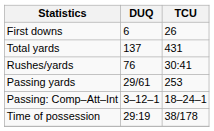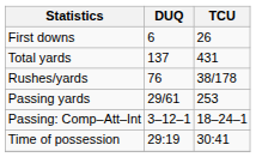 <table class="wikitable" style="float: left;">
 <tr>
 <th>Statistics</th>
 <th>DUQ</th>
 <th>TCU</th>
 </tr>
 <tr>
 <td>First downs</td>
 <td>6</td>
 <td>26</td>
 </tr>
 <tr>
 <td>Total yards</td>
 <td>137</td>
 <td>431</td>
 </tr>
 <tr>
 <td>Rushes/yards</td>
 <td>76</td>
-<td>30:41</td>
+<td>38/178</td>
 </tr>
 <tr>
 <td>Passing yards</td>
 <td>29/61</td>
 <td>253</td>
 </tr>
 <tr>
 <td>Passing: Comp–Att–Int</td>
 <td>3–12–1</td>
 <td>18–24–1</td>
 </tr>
 <tr>
 <td>Time of possession</td>
 <td>29:19</td>
-<td>38/178</td>
+<td>30:41</td>
 </tr>
 <tr>
 </tr>
 </table>
